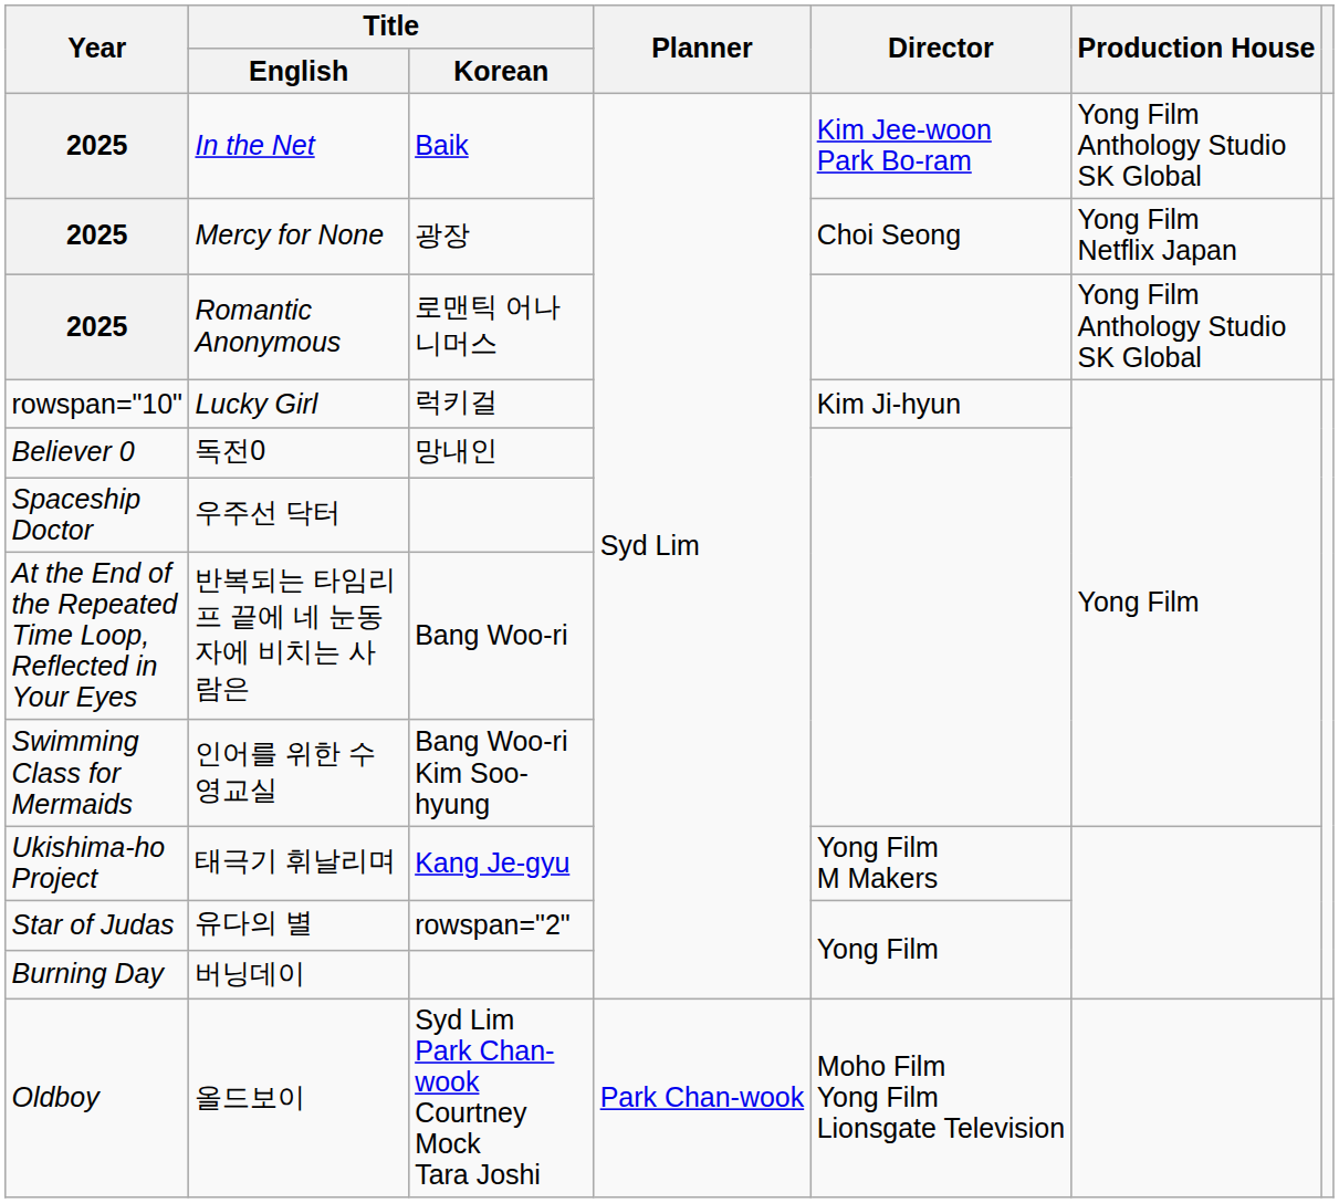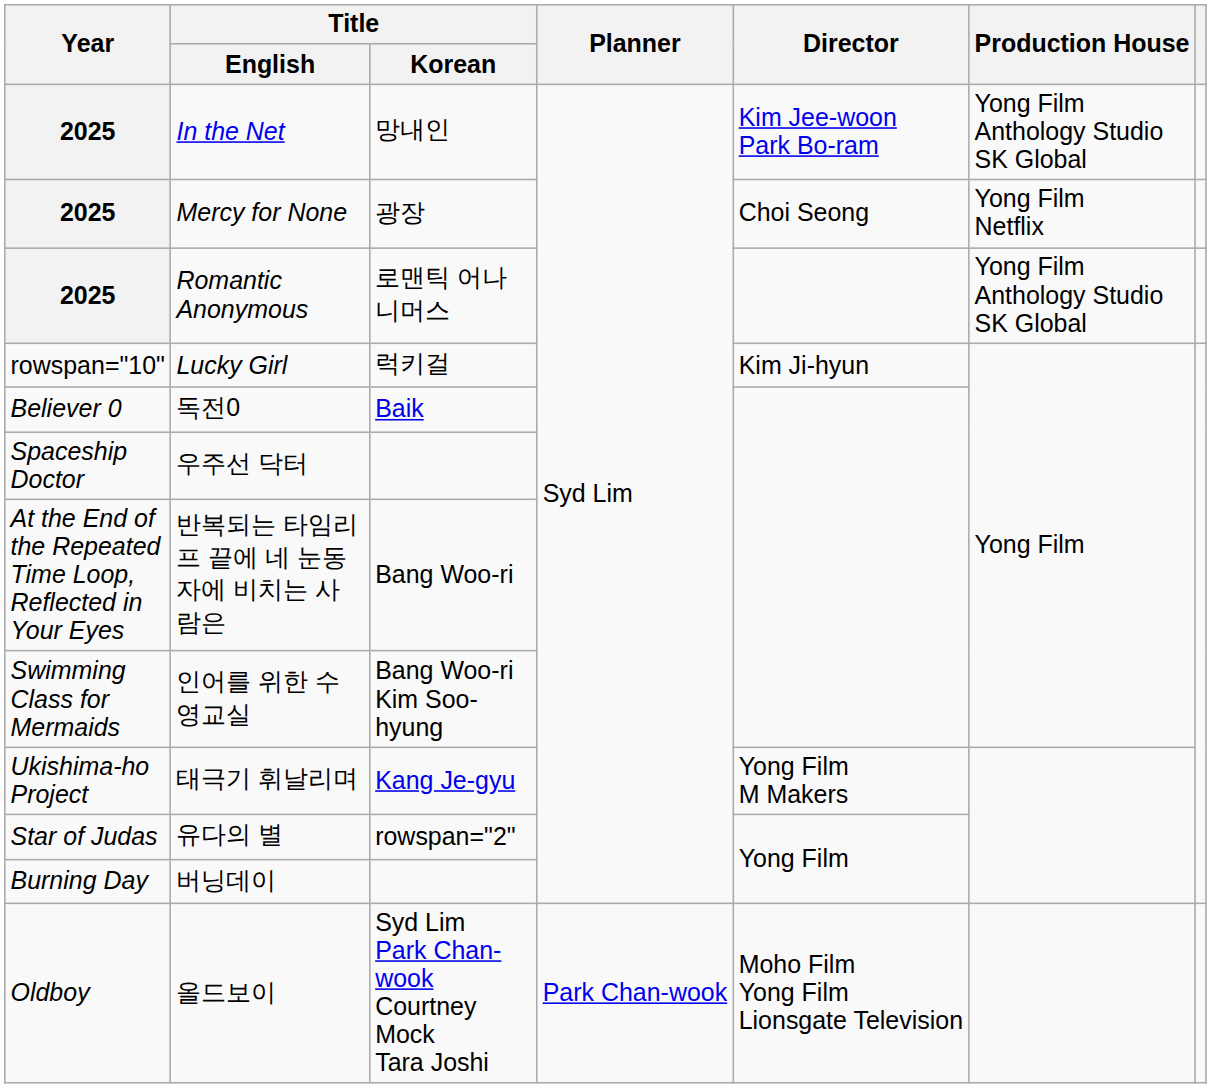 <table class="wikitable sortable plainrowheaders">
 <tr>
 <th rowspan="2" style="width:33px;">Year</th>
 <th colspan="2">Title</th>
 <th rowspan="2">Planner</th>
 <th rowspan="2">Director</th>
 <th rowspan="2">Production House</th>
 <th rowspan="2" class="unsortable"></th>
 </tr>
 <tr>
 <th width="120">English</th>
 <th width="100">Korean</th>
 </tr>
 <tr>
 <th scope="row">2025</th>
 <td><em><a href='#'>In the Net</a></em></td>
-<td><a href='#'>Baik</a></td>
+<td>망내인</td>
 <td rowspan="11">Syd Lim</td>
 <td><a href='#'>Kim Jee-woon</a><br><a href='#'>Park Bo-ram</a></td>
 <td>Yong Film<br>Anthology Studio<br>SK Global</td>
 <td></td>
 </tr>
 <tr>
 <th scope="row">2025</th>
 <td><em>Mercy for None</em></td>
 <td>광장</td>
 <td>Choi Seong</td>
-<td>Yong Film<br>Netflix Japan</td>
+<td>Yong Film<br>Netflix</td>
 <td></td>
 </tr>
 <tr>
 <th scope="row">2025</th>
 <td><em>Romantic Anonymous</em></td>
 <td>로맨틱 어나니머스</td>
 <td></td>
 <td>Yong Film<br>Anthology Studio<br>SK Global</td>
 <td></td>
 </tr>
 <tr>
 <td>rowspan="10" </td>
 <td><em>Lucky Girl</em></td>
 <td>럭키걸</td>
 <td>Kim Ji-hyun</td>
 <td rowspan="5">Yong Film</td>
 <td rowspan="8"></td>
 </tr>
 <tr>
 <td><em>Believer 0</em></td>
 <td>독전0</td>
-<td>망내인</td>
+<td><a href='#'>Baik</a></td>
 </tr>
 <tr>
 <td><em>Spaceship Doctor</em></td>
 <td>우주선 닥터</td>
 <td></td>
 </tr>
 <tr>
 <td><em>At the End of the Repeated Time Loop, Reflected in Your Eyes</em></td>
 <td>반복되는 타임리프 끝에 네 눈동자에 비치는 사람은</td>
 <td>Bang Woo-ri</td>
 </tr>
 <tr>
 <td><em>Swimming Class for Mermaids</em></td>
 <td>인어를 위한 수영교실</td>
 <td>Bang Woo-ri<br>Kim  Soo-hyung</td>
 </tr>
 <tr>
 <td><em>Ukishima-ho Project</em></td>
 <td>태극기 휘날리며</td>
 <td><a href='#'>Kang Je-gyu</a></td>
 <td>Yong Film <br> M Makers</td>
 </tr>
 <tr>
 <td><em>Star of Judas</em></td>
 <td>유다의 별</td>
 <td>rowspan="2" </td>
 <td rowspan="2">Yong Film</td>
 </tr>
 <tr>
 <td><em>Burning Day</em></td>
 <td>버닝데이</td>
 </tr>
 <tr>
 <td><em>Oldboy</em></td>
 <td>올드보이</td>
 <td>Syd Lim<br><a href='#'>Park Chan-wook</a><br>Courtney Mock<br>Tara Joshi</td>
 <td><a href='#'>Park Chan-wook</a></td>
 <td>Moho Film<br>Yong Film<br>Lionsgate Television</td>
 <td></td>
 </tr>
 </table>
